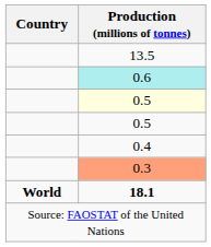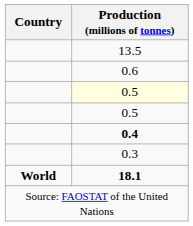 <table class="wikitable" style="float:right; width:14em; text-align:center;">
 <tr>
 <th scope="col">Country</th>
 <th scope="col">Production<br><small>(millions of <a href='#'>tonnes</a>)</small></th>
 </tr>
 <tr>
 <td></td>
 <td>13.5</td>
 </tr>
 <tr>
 <td></td>
-<td style="background: paleturquoise;">0.6</td>
+<td>0.6</td>
 </tr>
 <tr>
 <td></td>
 <td style="background: lightyellow;">0.5</td>
 </tr>
 <tr>
 <td></td>
 <td>0.5</td>
 </tr>
 <tr>
 <td></td>
-<td>0.4</td>
+<td><strong>0.4</strong></td>
 </tr>
 <tr>
 <td></td>
-<td style="background: lightsalmon;">0.3</td>
+<td>0.3</td>
 </tr>
 <tr>
 <td><strong>World</strong></td>
 <td><strong>18.1</strong></td>
 </tr>
 <tr>
 <td colspan="2"><small>Source: <a href='#'>FAOSTAT</a> of the United Nations</small></td>
 </tr>
 </table>
